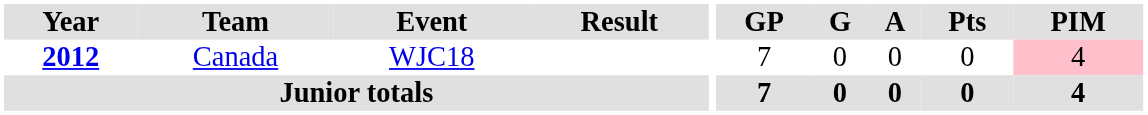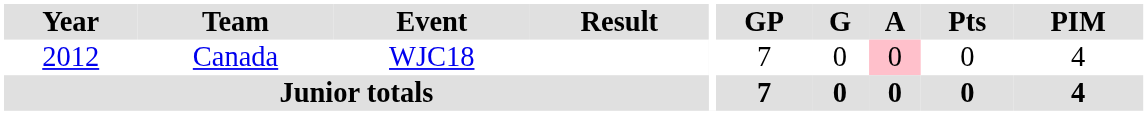 <table border="0" cellpadding="1" cellspacing="0" ID="Table3" style="text-align:center; width:40em">
 <tr ALIGN="center" bgcolor="#e0e0e0">
 <th>Year</th>
 <th>Team</th>
 <th>Event</th>
 <th>Result</th>
 <th rowspan="99" bgcolor="#ffffff"></th>
 <th>GP</th>
 <th>G</th>
 <th>A</th>
 <th>Pts</th>
 <th>PIM</th>
 </tr>
 <tr>
-<td><strong><a href='#'>2012</a></strong></td>
+<td><a href='#'>2012</a></td>
 <td><a href='#'>Canada</a></td>
 <td><a href='#'>WJC18</a></td>
 <td></td>
 <td>7</td>
 <td>0</td>
+<td style="background: pink;">0</td>
 <td>0</td>
-<td>0</td>
-<td style="background: pink;">4</td>
+<td>4</td>
 </tr>
 <tr bgcolor="#e0e0e0">
 <th colspan="4">Junior totals</th>
 <th>7</th>
 <th>0</th>
 <th>0</th>
 <th>0</th>
 <th>4</th>
 </tr>
 </table>
